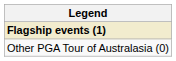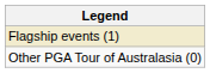 <table class="wikitable" style="font-size:95%;">
 <tr>
 <th>Legend</th>
 </tr>
 <tr style="background:#f2ecce;">
-<td><strong>Flagship events (1)</strong></td>
+<td>Flagship events (1)</td>
 </tr>
 <tr>
 <td>Other PGA Tour of Australasia (0)</td>
 </tr>
 </table>
